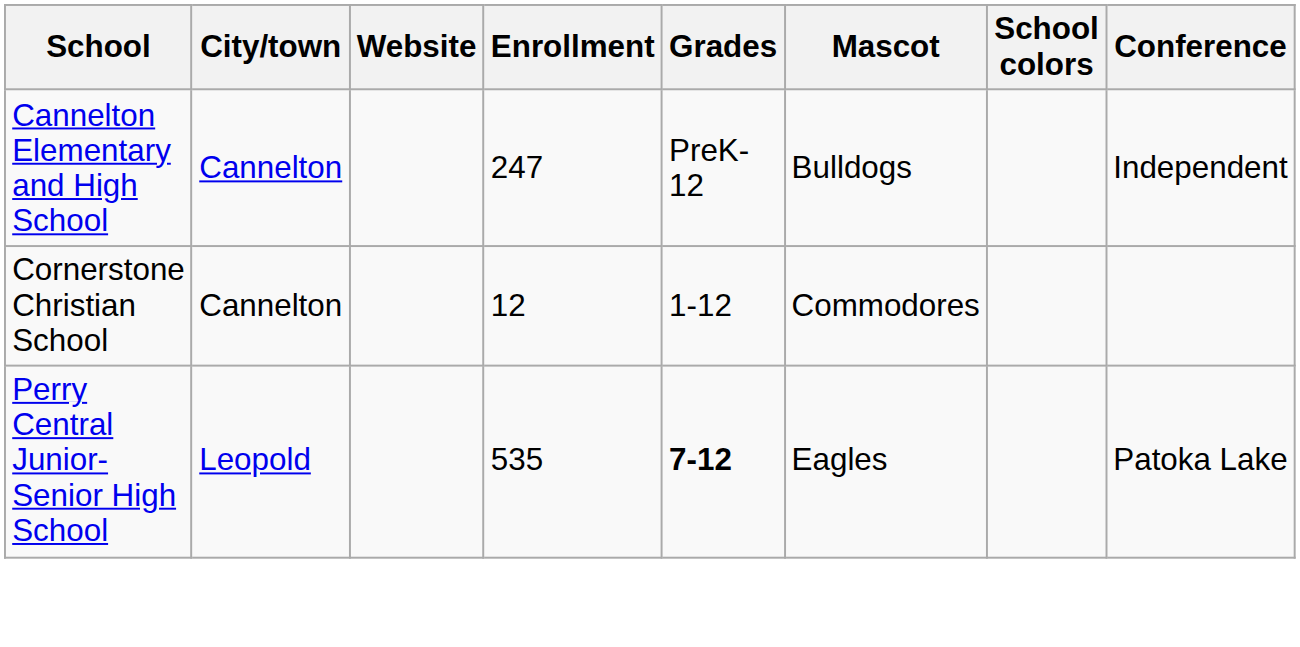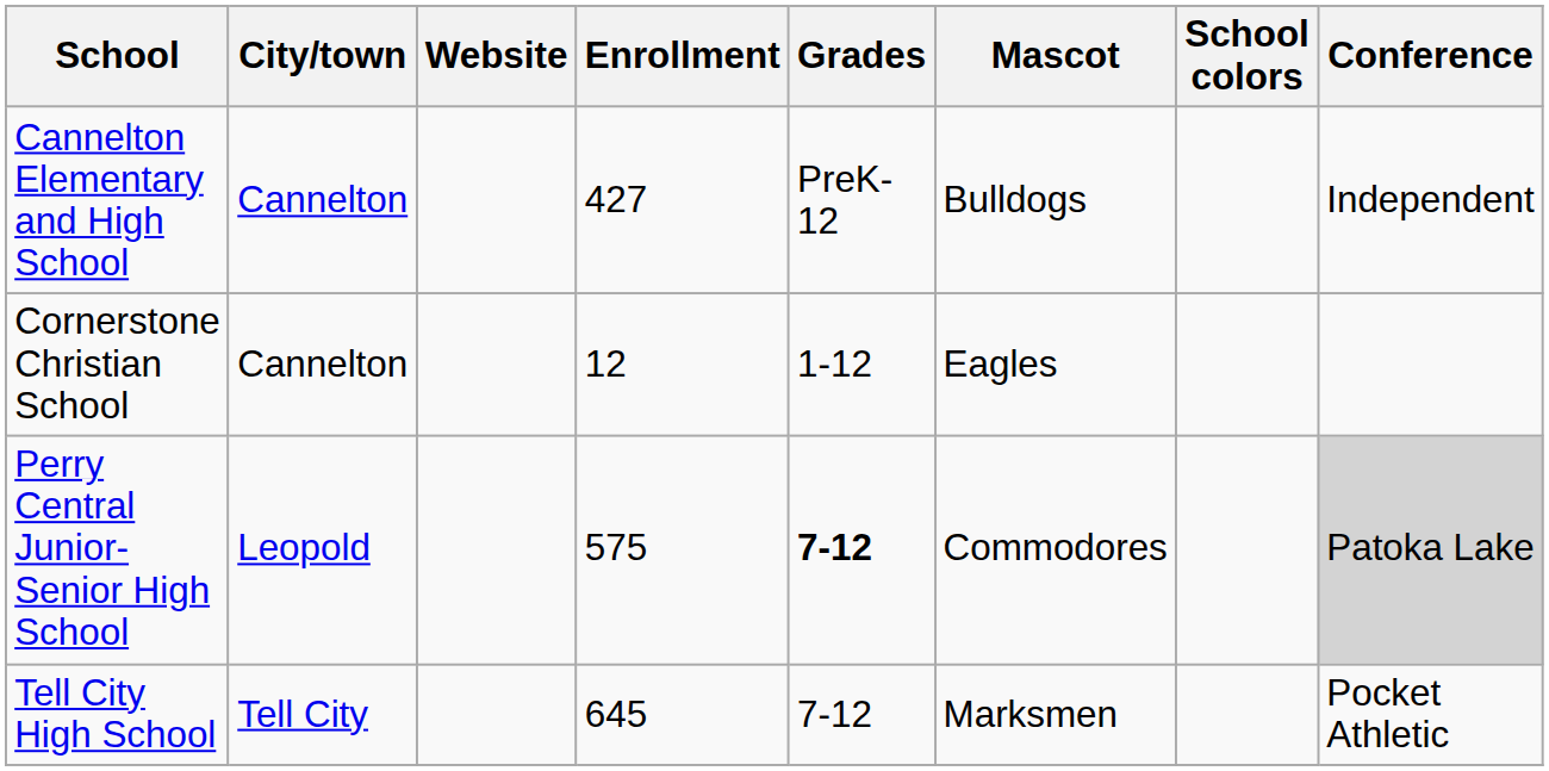 <table class="wikitable sortable" width="70%">
 <tr>
 <th width="20%">School</th>
 <th width="08%">City/town</th>
 <th width="06%">Website</th>
 <th width="04%">Enrollment</th>
 <th width="04%">Grades</th>
 <th width="04%">Mascot</th>
 <th width=01%>School colors</th>
 <th width="04%">Conference</th>
 </tr>
 <tr>
 <td><a href='#'>Cannelton Elementary and High School</a></td>
 <td><a href='#'>Cannelton</a></td>
 <td></td>
-<td>247</td>
+<td>427</td>
 <td>PreK-12</td>
 <td>Bulldogs</td>
 <td> </td>
 <td>Independent</td>
 </tr>
 <tr>
 <td>Cornerstone Christian School</td>
 <td>Cannelton</td>
 <td></td>
 <td>12</td>
 <td>1-12</td>
-<td>Commodores</td>
+<td>Eagles</td>
 <td> </td>
 <td></td>
 </tr>
 <tr>
 <td><a href='#'>Perry Central Junior-Senior High School</a></td>
 <td><a href='#'>Leopold</a></td>
 <td></td>
-<td>535</td>
+<td>575</td>
 <td><strong>7-12</strong></td>
-<td>Eagles</td>
+<td>Commodores</td>
 <td> </td>
-<td>Patoka Lake</td>
+<td style="background: lightgrey;">Patoka Lake</td>
+</tr>
+<tr>
+<td><a href='#'>Tell City High School</a></td>
+<td><a href='#'>Tell City</a></td>
+<td></td>
+<td>645</td>
+<td>7-12</td>
+<td>Marksmen</td>
+<td> </td>
+<td>Pocket Athletic</td>
 </tr>
 </table>
